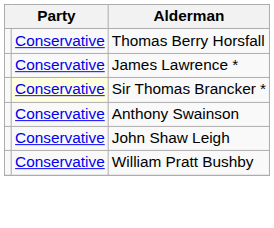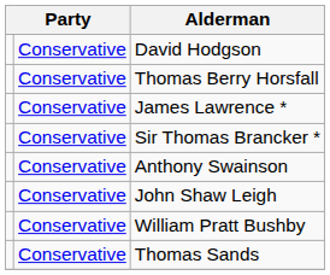 <table class="wikitable">
 <tr>
 <th colspan="2">Party</th>
 <th>Alderman</th>
+</tr>
+<tr>
+<td style="background-color:"></td>
+<td><a href='#'>Conservative</a></td>
+<td>David Hodgson</td>
 </tr>
 <tr>
 <td style="background-color:"></td>
 <td><a href='#'>Conservative</a></td>
 <td>Thomas Berry Horsfall</td>
 </tr>
 <tr>
 <td style="background-color:"></td>
 <td><a href='#'>Conservative</a></td>
 <td>James Lawrence *</td>
 </tr>
 <tr>
 <td style="background-color:"></td>
-<td style="background: lightyellow;"><a href='#'>Conservative</a></td>
+<td><a href='#'>Conservative</a></td>
 <td>Sir Thomas Brancker *</td>
 </tr>
 <tr>
 <td style="background-color:"></td>
 <td><a href='#'>Conservative</a></td>
 <td>Anthony Swainson</td>
 </tr>
 <tr>
 <td style="background-color:"></td>
 <td><a href='#'>Conservative</a></td>
 <td>John Shaw Leigh</td>
 </tr>
 <tr>
 <td style="background-color:"></td>
 <td><a href='#'>Conservative</a></td>
 <td>William Pratt Bushby</td>
 </tr>
 <tr>
+<td style="background-color:"></td>
+<td><a href='#'>Conservative</a></td>
+<td>Thomas Sands</td>
+</tr>
+<tr>
 </tr>
 </table>
